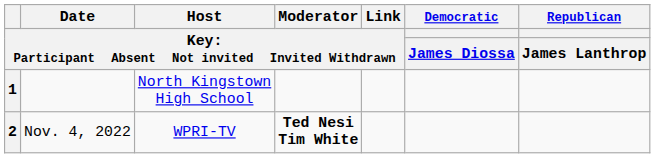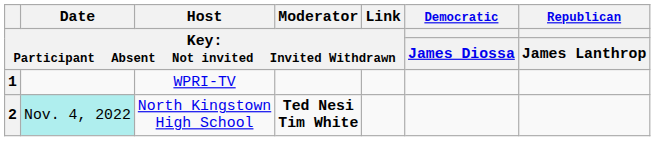 <table class="wikitable" style="text-align:center;">
 <tr>
 <th scope="col"></th>
 <th scope="col">Date</th>
 <th scope="col">Host</th>
 <th scope="col">Moderator</th>
 <th scope="col">Link</th>
 <th scope="col"><small><a href='#'>Democratic</a></small></th>
 <th scope="col"><small><a href='#'>Republican</a></small></th>
 </tr>
 <tr>
 <th colspan="5" rowspan="2">Key:<br> <small>Participant </small>  <small>Absent </small>  <small>Not invited </small>  <small>Invited  Withdrawn</small></th>
 <th scope="col" style="background:"></th>
 <th scope="col" style="background:"></th>
 </tr>
 <tr>
 <th scope="col"><a href='#'>James Diossa</a></th>
 <th scope="col">James Lanthrop</th>
 </tr>
 <tr>
 <th>1</th>
 <td style="white-space:nowrap;"></td>
-<td style="white-space:nowrap;"><a href='#'>North Kingstown</a><br><a href='#'>High School</a></td>
+<td style="white-space:nowrap;"><a href='#'>WPRI-TV</a></td>
 <td style="white-space:nowrap;"></td>
 <td style="white-space:nowrap;"></td>
 <td></td>
 <td></td>
 </tr>
 <tr>
 <th>2</th>
-<td style="white-space:nowrap;">Nov. 4, 2022</td>
-<td style="white-space:nowrap;"><a href='#'>WPRI-TV</a></td>
+<td style="background: paleturquoise; white-space:nowrap;">Nov. 4, 2022</td>
+<td style="white-space:nowrap;"><a href='#'>North Kingstown</a><br><a href='#'>High School</a></td>
 <td style="white-space:nowrap;"><strong>Ted Nesi<br>Tim White</strong></td>
 <td style="white-space:nowrap;"></td>
 <td></td>
 <td></td>
 </tr>
 </table>
